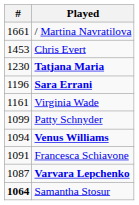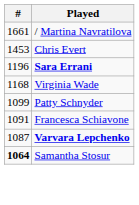 <table class=wikitable style=display:inline-table>
 <tr>
 <th>#</th>
 <th>Played</th>
 </tr>
 <tr>
 <td>1661</td>
 <td>/ <a href='#'>Martina Navratilova</a></td>
 </tr>
 <tr>
 <td>1453</td>
 <td> <a href='#'>Chris Evert</a></td>
 </tr>
 <tr>
-<td>1230</td>
-<td> <strong><a href='#'>Tatjana Maria</a></strong></td>
-</tr>
-<tr>
 <td>1196</td>
 <td> <strong><a href='#'>Sara Errani</a></strong></td>
 </tr>
 <tr>
-<td>1161</td>
+<td>1168</td>
 <td> <a href='#'>Virginia Wade</a></td>
 </tr>
 <tr>
 <td>1099</td>
 <td> <a href='#'>Patty Schnyder</a></td>
-</tr>
-<tr>
-<td>1094</td>
-<td> <strong><a href='#'>Venus Williams</a></strong></td>
 </tr>
 <tr>
 <td>1091</td>
 <td> <a href='#'>Francesca Schiavone</a></td>
 </tr>
 <tr>
 <td>1087</td>
 <td> <strong><a href='#'>Varvara Lepchenko</a></strong></td>
 </tr>
 <tr>
 <td><strong>1064</strong></td>
 <td> <a href='#'>Samantha Stosur</a></td>
 </tr>
 </table>
